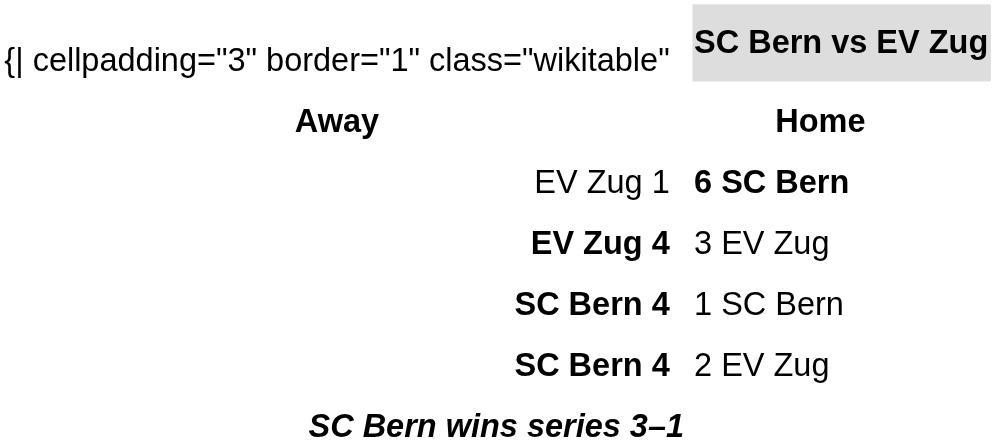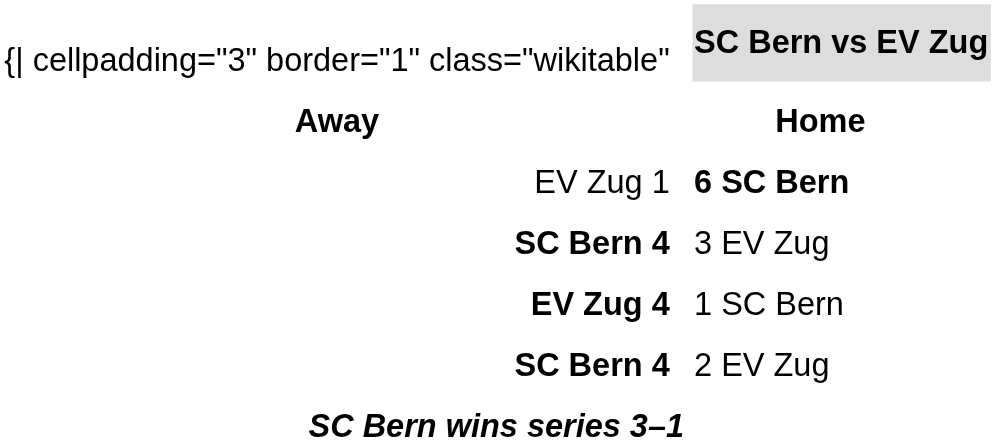 <table cellspacing="10">
 <tr>
 <td valign="top"><br>	{| cellpadding="3" border="1"  class="wikitable"</td>
 <th bgcolor="#DDDDDD" colspan="4">SC Bern vs EV Zug</th>
 </tr>
 <tr>
 <th>Away</th>
 <th>Home</th>
 </tr>
 <tr>
 <td align = "right">EV Zug 1</td>
 <td><strong>6 SC Bern</strong></td>
 <td> </td>
 </tr>
 <tr>
-<td align = "right"><strong>EV Zug 4</strong></td>
+<td align = "right"><strong>SC Bern 4</strong></td>
 <td>3 EV Zug</td>
 <td> </td>
 </tr>
 <tr>
-<td align = "right"><strong>SC Bern 4</strong></td>
+<td align = "right"><strong>EV Zug 4</strong></td>
 <td>1 SC Bern</td>
 <td> </td>
 </tr>
 <tr>
 <td align = "right"><strong>SC Bern 4</strong></td>
 <td>2 EV Zug</td>
 <td> </td>
 </tr>
 <tr align="center">
 <td colspan="4"><strong><em>SC Bern wins series 3–1</em></strong></td>
 </tr>
 </table>
